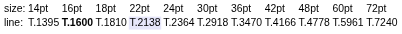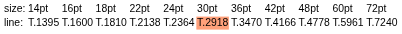 <table style="margin-left:40px;">
 <tr>
 <td>size:</td>
 <td>14pt</td>
 <td>16pt</td>
 <td>18pt</td>
 <td>22pt</td>
 <td>24pt</td>
 <td>30pt</td>
 <td>36pt</td>
 <td>42pt</td>
 <td>48pt</td>
 <td>60pt</td>
 <td>72pt</td>
 </tr>
 <tr>
 <td>line:</td>
 <td>T.1395</td>
-<td><strong>T.1600</strong></td>
+<td>T.1600</td>
 <td>T.1810</td>
-<td style="background: lavender;">T.2138</td>
+<td>T.2138</td>
 <td>T.2364</td>
-<td>T.2918</td>
+<td style="background: lightsalmon;">T.2918</td>
 <td>T.3470</td>
 <td>T.4166</td>
 <td>T.4778</td>
 <td>T.5961</td>
 <td>T.7240</td>
 </tr>
 </table>
